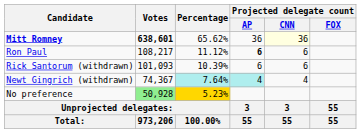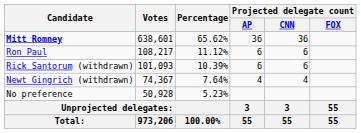 <table class="wikitable" style="text-align:right;">
 <tr>
 <th rowspan="2">Candidate</th>
 <th rowspan="2">Votes</th>
 <th rowspan="2">Percentage</th>
 <th colspan="3">Projected delegate count</th>
 </tr>
 <tr>
 <th><a href='#'>AP</a></th>
 <th><a href='#'>CNN</a><br></th>
 <th><a href='#'>FOX</a><br></th>
 </tr>
 <tr>
 <td style="text-align:left;"> <strong><a href='#'>Mitt Romney</a></strong></td>
-<td><strong>638,601</strong></td>
+<td>638,601</td>
 <td>65.62%</td>
 <td>36</td>
-<td style="background: lightyellow;">36</td>
+<td>36</td>
 <td></td>
 </tr>
 <tr>
 <td style="text-align:left;"><a href='#'>Ron Paul</a></td>
 <td>108,217</td>
 <td>11.12%</td>
-<td><strong>6</strong></td>
+<td>6</td>
 <td>6</td>
 <td></td>
 </tr>
 <tr>
 <td style="text-align:left;"><a href='#'>Rick Santorum</a> (withdrawn)</td>
 <td>101,093</td>
 <td>10.39%</td>
 <td>6</td>
 <td>6</td>
 <td></td>
 </tr>
 <tr>
 <td style="text-align:left;"><a href='#'>Newt Gingrich</a> (withdrawn)</td>
 <td>74,367</td>
-<td style="background: paleturquoise;">7.64%</td>
-<td style="background: paleturquoise;">4</td>
+<td>7.64%</td>
+<td>4</td>
 <td>4</td>
 <td></td>
 </tr>
 <tr>
 <td style="text-align:left;">No preference</td>
-<td style="background: lightgreen;">50,928</td>
-<td style="background: gold;">5.23%</td>
+<td>50,928</td>
+<td>5.23%</td>
 <td></td>
 <td></td>
 <td></td>
 </tr>
 <tr style="background:#eee;">
 <th colspan="3">Unprojected delegates:</th>
 <th>3</th>
 <th>3</th>
 <th>55</th>
 </tr>
 <tr style="background:#eee;">
 <th>Total:</th>
 <th>973,206</th>
 <th>100.00%</th>
 <th>55</th>
 <th>55</th>
 <th>55</th>
 </tr>
 </table>
